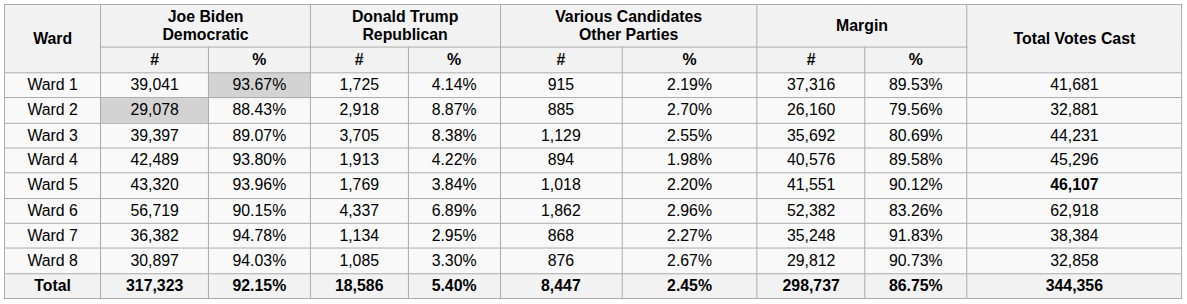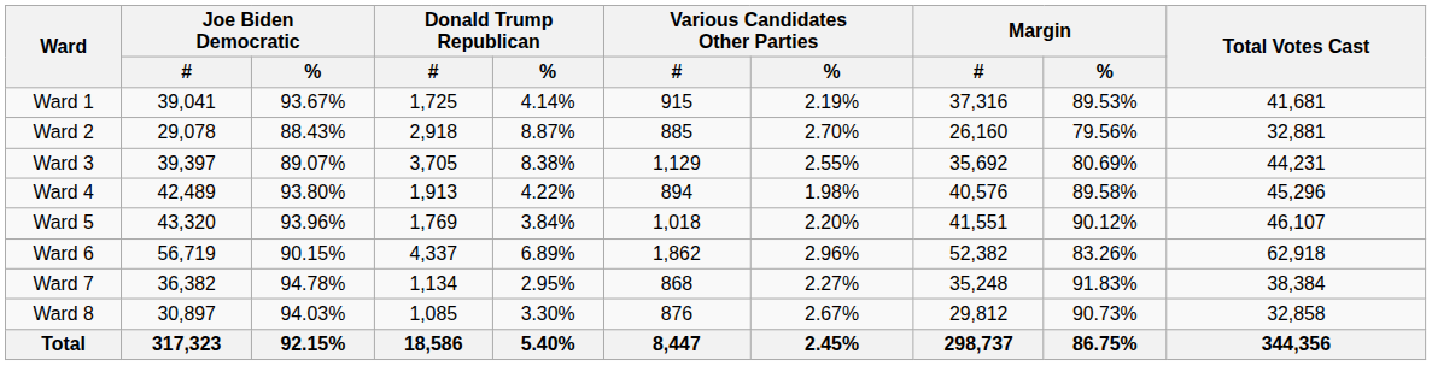 <table width="60%" class="wikitable sortable">
 <tr>
 <th rowspan="2">Ward</th>
 <th colspan="2">Joe Biden<br>Democratic</th>
 <th colspan="2">Donald Trump<br>Republican</th>
 <th colspan="2">Various Candidates<br>Other Parties</th>
 <th colspan="2">Margin</th>
 <th rowspan="2">Total Votes Cast</th>
 </tr>
 <tr>
 <th style="text-align:center;" data-sort-type="number">#</th>
 <th style="text-align:center;" data-sort-type="number">%</th>
 <th style="text-align:center;" data-sort-type="number">#</th>
 <th style="text-align:center;" data-sort-type="number">%</th>
 <th style="text-align:center;" data-sort-type="number">#</th>
 <th style="text-align:center;" data-sort-type="number">%</th>
 <th style="text-align:center;" data-sort-type="number">#</th>
 <th style="text-align:center;" data-sort-type="number">%</th>
 </tr>
 <tr style="text-align:center;">
 <td>Ward 1</td>
 <td>39,041</td>
-<td style="background: lightgrey;">93.67%</td>
+<td>93.67%</td>
 <td>1,725</td>
 <td>4.14%</td>
 <td>915</td>
 <td>2.19%</td>
 <td>37,316</td>
 <td>89.53%</td>
 <td>41,681</td>
 </tr>
 <tr style="text-align:center;">
 <td>Ward 2</td>
-<td style="background: lightgrey;">29,078</td>
+<td>29,078</td>
 <td>88.43%</td>
 <td>2,918</td>
 <td>8.87%</td>
 <td>885</td>
 <td>2.70%</td>
 <td>26,160</td>
 <td>79.56%</td>
 <td>32,881</td>
 </tr>
 <tr style="text-align:center;">
 <td>Ward 3</td>
 <td>39,397</td>
 <td>89.07%</td>
 <td>3,705</td>
 <td>8.38%</td>
 <td>1,129</td>
 <td>2.55%</td>
 <td>35,692</td>
 <td>80.69%</td>
 <td>44,231</td>
 </tr>
 <tr style="text-align:center;">
 <td>Ward 4</td>
 <td>42,489</td>
 <td>93.80%</td>
 <td>1,913</td>
 <td>4.22%</td>
 <td>894</td>
 <td>1.98%</td>
 <td>40,576</td>
 <td>89.58%</td>
 <td>45,296</td>
 </tr>
 <tr style="text-align:center;">
 <td>Ward 5</td>
 <td>43,320</td>
 <td>93.96%</td>
 <td>1,769</td>
 <td>3.84%</td>
 <td>1,018</td>
 <td>2.20%</td>
 <td>41,551</td>
 <td>90.12%</td>
-<td><strong>46,107</strong></td>
+<td>46,107</td>
 </tr>
 <tr style="text-align:center;">
 <td>Ward 6</td>
 <td>56,719</td>
 <td>90.15%</td>
 <td>4,337</td>
 <td>6.89%</td>
 <td>1,862</td>
 <td>2.96%</td>
 <td>52,382</td>
 <td>83.26%</td>
 <td>62,918</td>
 </tr>
 <tr style="text-align:center;">
 <td>Ward 7</td>
 <td>36,382</td>
 <td>94.78%</td>
 <td>1,134</td>
 <td>2.95%</td>
 <td>868</td>
 <td>2.27%</td>
 <td>35,248</td>
 <td>91.83%</td>
 <td>38,384</td>
 </tr>
 <tr style="text-align:center;">
 <td>Ward 8</td>
 <td>30,897</td>
 <td>94.03%</td>
 <td>1,085</td>
 <td>3.30%</td>
 <td>876</td>
 <td>2.67%</td>
 <td>29,812</td>
 <td>90.73%</td>
 <td>32,858</td>
 </tr>
 <tr style="text-align:center;">
 <th>Total</th>
 <th>317,323</th>
 <th>92.15%</th>
 <th>18,586</th>
 <th>5.40%</th>
 <th>8,447</th>
 <th>2.45%</th>
 <th>298,737</th>
 <th>86.75%</th>
 <th>344,356</th>
 </tr>
 </table>
